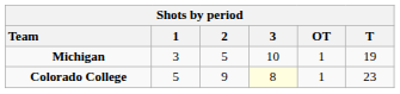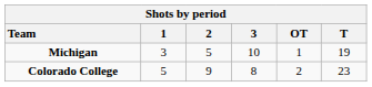 <table class="wikitable" style="width:30em; text-align:right;">
 <tr>
 <th colspan=6>Shots by period</th>
 </tr>
 <tr>
 <th style="width:10em; text-align:left;">Team</th>
 <th style="width:3em;">1</th>
 <th style="width:3em;">2</th>
 <th style="width:3em;">3</th>
 <th style="width:3em;">OT</th>
 <th style="width:3em;">T</th>
 </tr>
 <tr>
 <td align=center><strong>Michigan</strong></td>
 <td align=center>3</td>
 <td align=center>5</td>
 <td align=center>10</td>
 <td align=center>1</td>
 <td align=center>19</td>
 </tr>
 <tr>
 <td align=center><strong>Colorado College</strong></td>
 <td align=center>5</td>
 <td align=center>9</td>
-<td align=center style="background: lightyellow;">8</td>
-<td align=center>1</td>
+<td align=center>8</td>
+<td align=center>2</td>
 <td align=center>23</td>
 </tr>
 </table>
